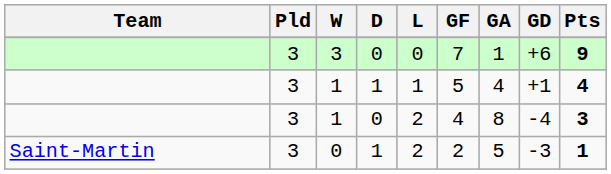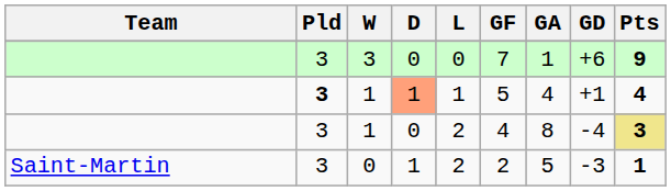 <table class="wikitable" style="text-align:center;">
 <tr>
 <th width=165>Team</th>
 <th width=20>Pld</th>
 <th width=20>W</th>
 <th width=20>D</th>
 <th width=20>L</th>
 <th width=20>GF</th>
 <th width=20>GA</th>
 <th width=20>GD</th>
 <th width=20>Pts</th>
 </tr>
 <tr align=center style="background:#f5f5f5;">
 </tr>
 <tr style="background:#ccffcc;">
 <td style= "text-align:left;"></td>
 <td>3</td>
 <td>3</td>
 <td>0</td>
 <td>0</td>
 <td>7</td>
 <td>1</td>
 <td>+6</td>
 <td><strong>9</strong></td>
 </tr>
 <tr>
 <td style="text-align:left;"></td>
-<td>3</td>
+<td><strong>3</strong></td>
 <td>1</td>
-<td>1</td>
+<td style="background: lightsalmon;">1</td>
 <td>1</td>
 <td>5</td>
 <td>4</td>
 <td>+1</td>
 <td><strong>4</strong></td>
 </tr>
 <tr>
 <td style="text-align:left;"></td>
 <td>3</td>
 <td>1</td>
 <td>0</td>
 <td>2</td>
 <td>4</td>
 <td>8</td>
 <td>-4</td>
-<td><strong>3</strong></td>
+<td style="background: khaki;"><strong>3</strong></td>
 </tr>
 <tr>
 <td style="text-align:left;"> <a href='#'>Saint-Martin</a></td>
 <td>3</td>
 <td>0</td>
 <td>1</td>
 <td>2</td>
 <td>2</td>
 <td>5</td>
 <td>-3</td>
 <td><strong>1</strong></td>
 </tr>
 </table>
